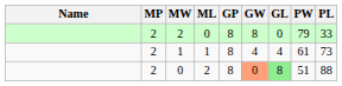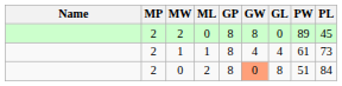 <table class=wikitable style="text-align:center">
 <tr>
 <th width=175>Name</th>
 <th width=20>MP</th>
 <th width=20>MW</th>
 <th width=20>ML</th>
 <th width=20>GP</th>
 <th width=20>GW</th>
 <th width=20>GL</th>
 <th width=20>PW</th>
 <th width=20>PL</th>
 </tr>
 <tr style="background-color:#ccffcc;">
 <td style="text-align:left;"><strong></strong></td>
 <td>2</td>
 <td>2</td>
 <td>0</td>
 <td>8</td>
 <td>8</td>
 <td>0</td>
-<td>79</td>
-<td>33</td>
+<td>89</td>
+<td>45</td>
 </tr>
 <tr>
 <td style="text-align:left;"></td>
 <td>2</td>
 <td>1</td>
 <td>1</td>
 <td>8</td>
 <td>4</td>
 <td>4</td>
 <td>61</td>
 <td>73</td>
 </tr>
 <tr>
 <td style="text-align:left;"></td>
 <td>2</td>
 <td>0</td>
 <td>2</td>
 <td>8</td>
 <td style="background: lightsalmon;">0</td>
-<td style="background: lightgreen;">8</td>
+<td>8</td>
 <td>51</td>
-<td>88</td>
+<td>84</td>
 </tr>
 </table>
